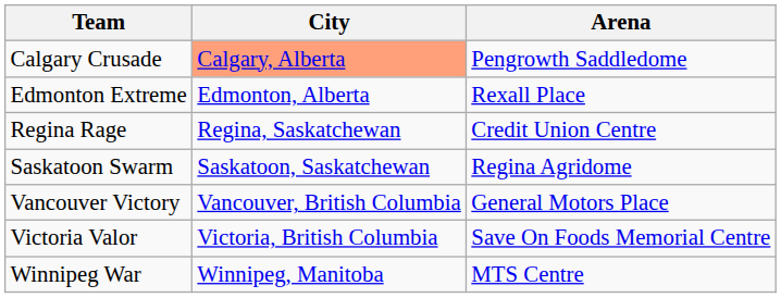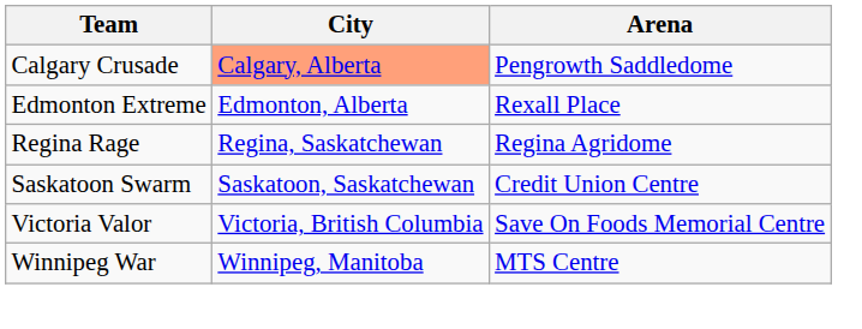 <table class="wikitable">
 <tr>
 <th>Team</th>
 <th>City</th>
 <th>Arena</th>
 </tr>
 <tr>
 <td>Calgary Crusade</td>
 <td style="background: lightsalmon;"><a href='#'>Calgary, Alberta</a></td>
 <td><a href='#'>Pengrowth Saddledome</a></td>
 </tr>
 <tr>
 <td>Edmonton Extreme</td>
 <td><a href='#'>Edmonton, Alberta</a></td>
 <td><a href='#'>Rexall Place</a></td>
 </tr>
 <tr>
 <td>Regina Rage</td>
 <td><a href='#'>Regina, Saskatchewan</a></td>
-<td><a href='#'>Credit Union Centre</a></td>
+<td><a href='#'>Regina Agridome</a></td>
 </tr>
 <tr>
 <td>Saskatoon Swarm</td>
 <td><a href='#'>Saskatoon, Saskatchewan</a></td>
-<td><a href='#'>Regina Agridome</a></td>
-</tr>
-<tr>
-<td>Vancouver Victory</td>
-<td><a href='#'>Vancouver, British Columbia</a></td>
-<td><a href='#'>General Motors Place</a></td>
+<td><a href='#'>Credit Union Centre</a></td>
 </tr>
 <tr>
 <td>Victoria Valor</td>
 <td><a href='#'>Victoria, British Columbia</a></td>
 <td><a href='#'>Save On Foods Memorial Centre</a></td>
 </tr>
 <tr>
 <td>Winnipeg War</td>
 <td><a href='#'>Winnipeg, Manitoba</a></td>
 <td><a href='#'>MTS Centre</a></td>
 </tr>
 </table>
